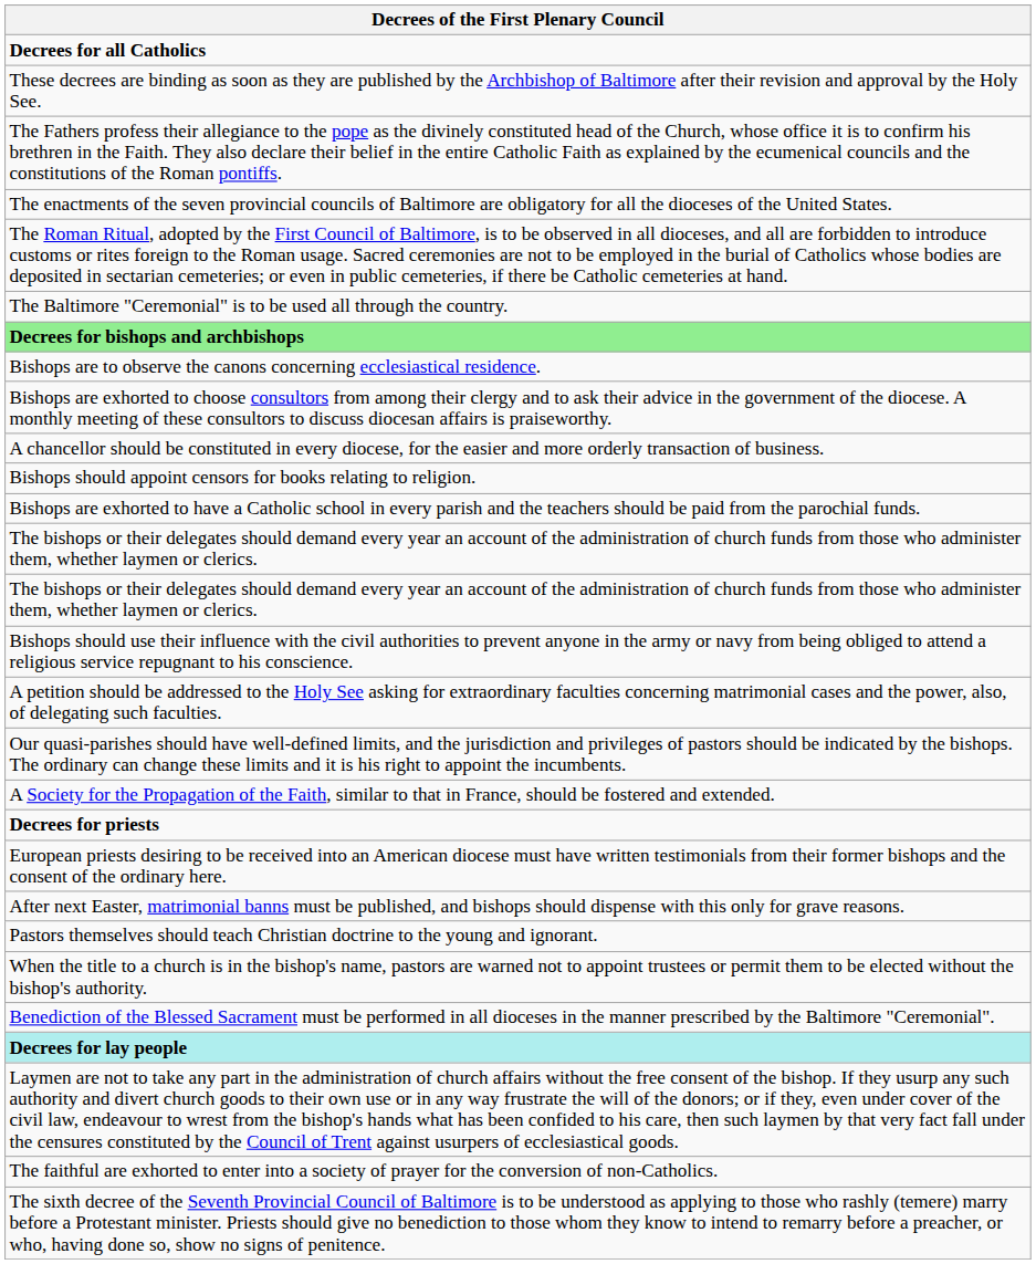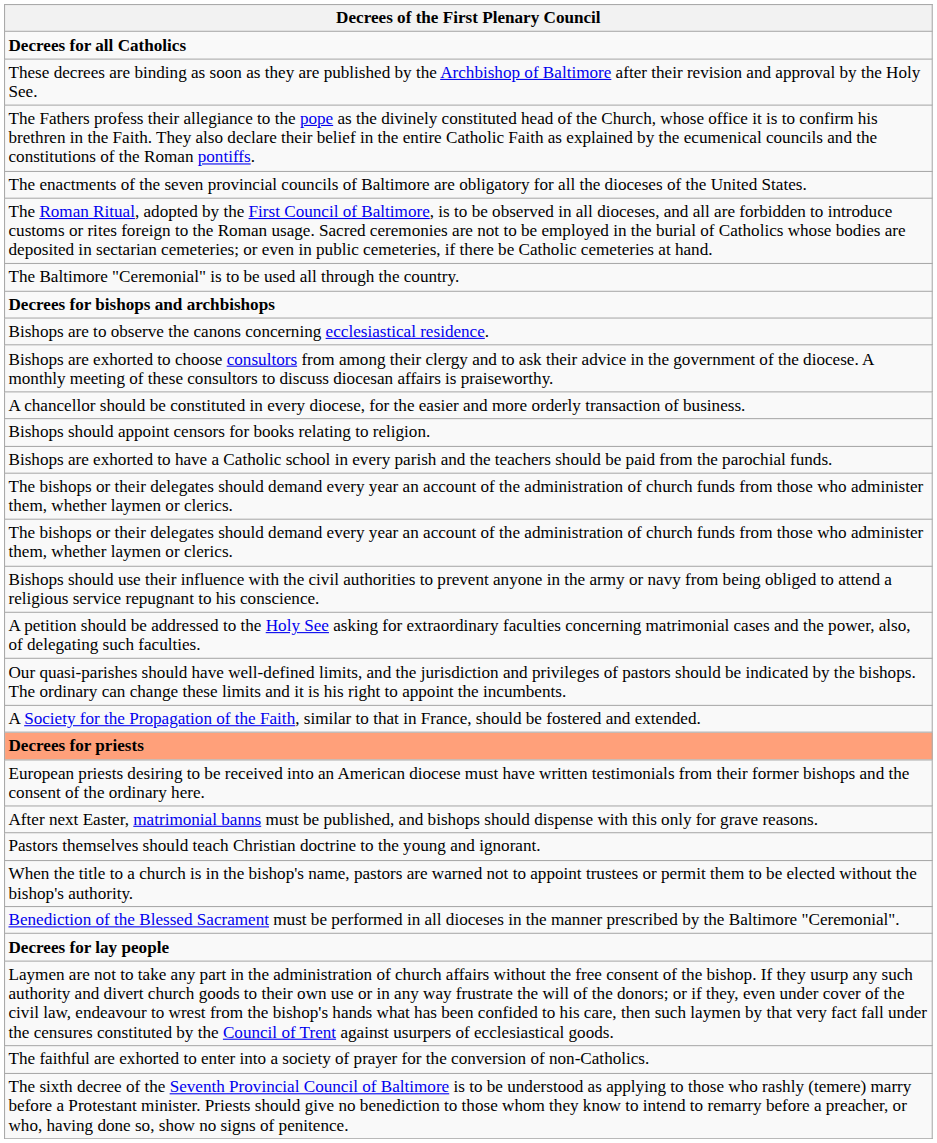 <table class="wikitable">
 <tr>
 <th>Decrees of the First Plenary Council</th>
 </tr>
 <tr>
 <td><strong>Decrees for all Catholics</strong></td>
 </tr>
 <tr>
 <td>These decrees are binding as soon as they are published by the <a href='#'>Archbishop of Baltimore</a> after their revision and approval by the Holy See.</td>
 </tr>
 <tr>
 <td>The Fathers profess their allegiance to the <a href='#'>pope</a> as the divinely constituted head of the Church, whose office it is to confirm his brethren in the Faith. They also declare their belief in the entire Catholic Faith as explained by the ecumenical councils and the constitutions of the Roman <a href='#'>pontiffs</a>.</td>
 </tr>
 <tr>
 <td>The enactments of the seven provincial councils of Baltimore are obligatory for all the dioceses of the United States.</td>
 </tr>
 <tr>
 <td>The <a href='#'>Roman Ritual</a>, adopted by the <a href='#'>First Council of Baltimore</a>, is to be observed in all dioceses, and all are forbidden to introduce customs or rites foreign to the Roman usage. Sacred ceremonies are not to be employed in the burial of Catholics whose bodies are deposited in sectarian cemeteries; or even in public cemeteries, if there be Catholic cemeteries at hand.</td>
 </tr>
 <tr>
 <td>The Baltimore "Ceremonial" is to be used all through the country.</td>
 </tr>
 <tr>
-<td style="background: lightgreen;"><strong>Decrees for bishops and archbishops</strong></td>
+<td><strong>Decrees for bishops and archbishops</strong></td>
 </tr>
 <tr>
 <td>Bishops are to observe the canons concerning <a href='#'>ecclesiastical residence</a>.</td>
 </tr>
 <tr>
 <td>Bishops are exhorted to choose <a href='#'>consultors</a> from among their clergy and to ask their advice in the government of the diocese. A monthly meeting of these consultors to discuss diocesan affairs is praiseworthy.</td>
 </tr>
 <tr>
 <td>A chancellor should be constituted in every diocese, for the easier and more orderly transaction of business.</td>
 </tr>
 <tr>
 <td>Bishops should appoint censors for books relating to religion.</td>
 </tr>
 <tr>
 <td>Bishops are exhorted to have a Catholic school in every parish and the teachers should be paid from the parochial funds.</td>
 </tr>
 <tr>
 <td>The bishops or their delegates should demand every year an account of the administration of church funds from those who administer them, whether laymen or clerics.</td>
 </tr>
 <tr>
 <td>The bishops or their delegates should demand every year an account of the administration of church funds from those who administer them, whether laymen or clerics.</td>
 </tr>
 <tr>
 <td>Bishops should use their influence with the civil authorities to prevent anyone in the army or navy from being obliged to attend a religious service repugnant to his conscience.</td>
 </tr>
 <tr>
 <td>A petition should be addressed to the <a href='#'>Holy See</a> asking for extraordinary faculties concerning matrimonial cases and the power, also, of delegating such faculties.</td>
 </tr>
 <tr>
 <td>Our quasi-parishes should have well-defined limits, and the jurisdiction and privileges of pastors should be indicated by the bishops. The ordinary can change these limits and it is his right to appoint the incumbents.</td>
 </tr>
 <tr>
 <td>A <a href='#'>Society for the Propagation of the Faith</a>, similar to that in France, should be fostered and extended.</td>
 </tr>
 <tr>
-<td><strong>Decrees for priests</strong></td>
+<td style="background: lightsalmon;"><strong>Decrees for priests</strong></td>
 </tr>
 <tr>
 <td>European priests desiring to be received into an American diocese must have written testimonials from their former bishops and the consent of the ordinary here.</td>
 </tr>
 <tr>
 <td>After next Easter, <a href='#'>matrimonial banns</a> must be published, and bishops should dispense with this only for grave reasons.</td>
 </tr>
 <tr>
 <td>Pastors themselves should teach Christian doctrine to the young and ignorant.</td>
 </tr>
 <tr>
 <td>When the title to a church is in the bishop's name, pastors are warned not to appoint trustees or permit them to be elected without the bishop's authority.</td>
 </tr>
 <tr>
 <td><a href='#'>Benediction of the Blessed Sacrament</a> must be performed in all dioceses in the manner prescribed by the Baltimore "Ceremonial".</td>
 </tr>
 <tr>
-<td style="background: paleturquoise;"><strong>Decrees for lay people</strong></td>
+<td><strong>Decrees for lay people</strong></td>
 </tr>
 <tr>
 <td>Laymen are not to take any part in the administration of church affairs without the free consent of the bishop. If they usurp any such authority and divert church goods to their own use or in any way frustrate the will of the donors; or if they, even under cover of the civil law, endeavour to wrest from the bishop's hands what has been confided to his care, then such laymen by that very fact fall under the censures constituted by the <a href='#'>Council of Trent</a> against usurpers of ecclesiastical goods.</td>
 </tr>
 <tr>
 <td>The faithful are exhorted to enter into a society of prayer for the conversion of non-Catholics.</td>
 </tr>
 <tr>
 <td>The sixth decree of the <a href='#'>Seventh Provincial Council of Baltimore</a> is to be understood as applying to those who rashly (temere) marry before a Protestant minister. Priests should give no benediction to those whom they know to intend to remarry before a preacher, or who, having done so, show no signs of penitence.</td>
 </tr>
 </table>
